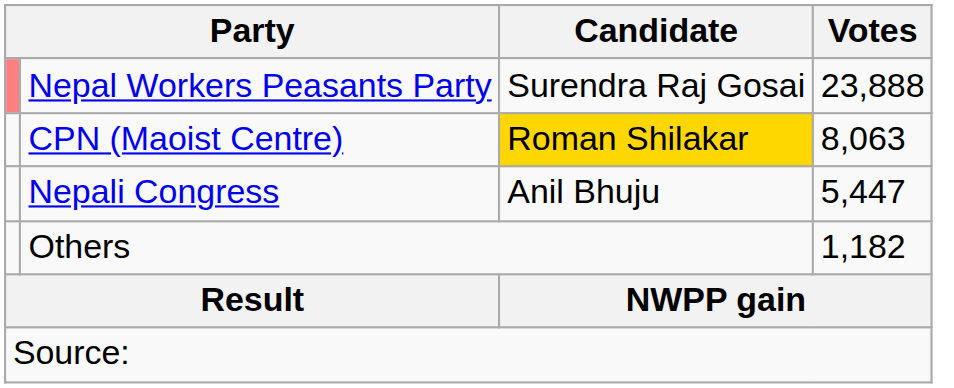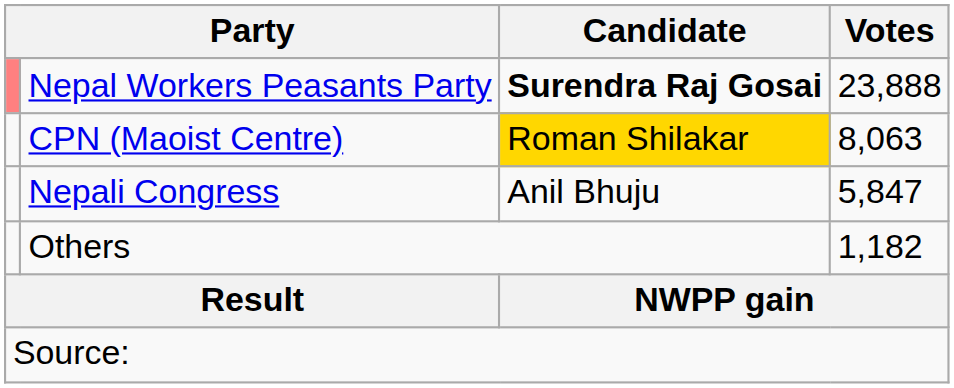 <table class="wikitable">
 <tr>
 <th colspan="2">Party</th>
 <th>Candidate</th>
 <th>Votes</th>
 </tr>
 <tr>
 <td style="background-color:#FF8080"></td>
 <td><a href='#'>Nepal Workers Peasants Party</a></td>
-<td>Surendra Raj Gosai</td>
+<td><strong>Surendra Raj Gosai</strong></td>
 <td>23,888</td>
 </tr>
 <tr>
 <td style="background-color:"></td>
 <td><a href='#'>CPN (Maoist Centre)</a></td>
 <td style="background: gold;">Roman Shilakar</td>
 <td>8,063</td>
 </tr>
 <tr>
 <td style="background-color:"></td>
 <td><a href='#'>Nepali Congress</a></td>
 <td>Anil Bhuju</td>
-<td>5,447</td>
+<td>5,847</td>
 </tr>
 <tr>
 <td></td>
 <td colspan="2">Others</td>
 <td>1,182</td>
 </tr>
 <tr>
 <th colspan="2">Result</th>
 <th colspan="2">NWPP gain</th>
 </tr>
 <tr>
 <td colspan="4">Source: </td>
 </tr>
 </table>
